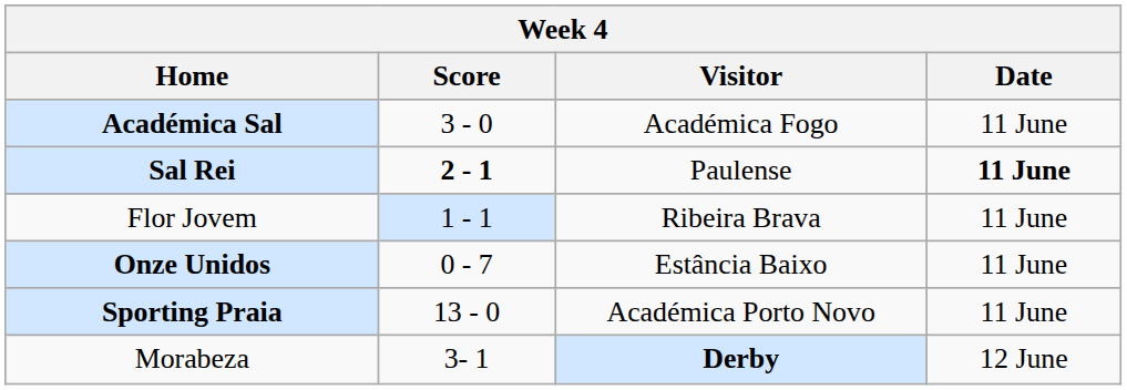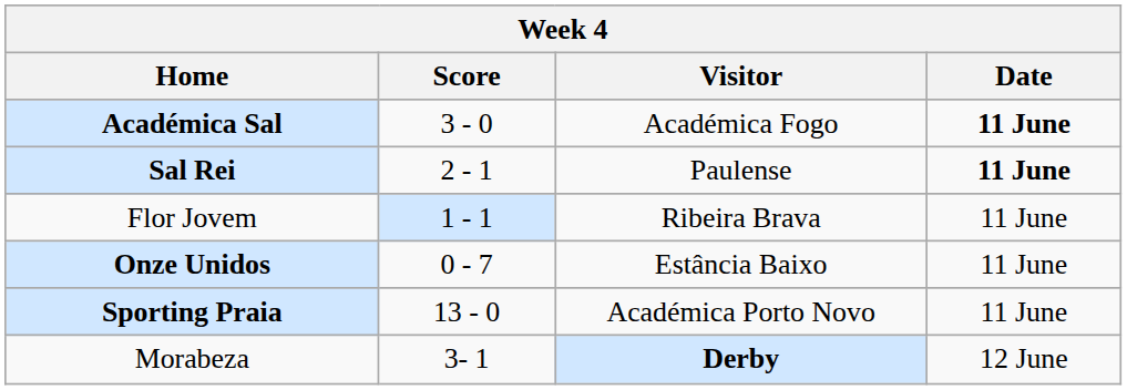 <table class="wikitable" style="font-size:95%; text-align: center; width: 95%;">
 <tr>
 <th colspan="12" style="with: 100%;" align=center>Week 4</th>
 </tr>
 <tr>
 <th width="200">Home</th>
 <th width="90">Score</th>
 <th width="200">Visitor</th>
 <th width="100">Date</th>
 </tr>
 <tr align=center>
 <td bgcolor=#D0E7FF><strong>Académica Sal</strong></td>
 <td>3 - 0</td>
 <td>Académica Fogo</td>
-<td>11 June</td>
+<td><strong>11 June</strong></td>
 </tr>
 <tr align=center>
 <td bgcolor=#D0E7FF><strong>Sal Rei</strong></td>
-<td><strong>2 - 1</strong></td>
+<td>2 - 1</td>
 <td>Paulense</td>
 <td><strong>11 June</strong></td>
 </tr>
 <tr align=center>
 <td>Flor Jovem</td>
 <td bgcolor=#D0E7FF>1 - 1</td>
 <td>Ribeira Brava</td>
 <td>11 June</td>
 </tr>
 <tr align=center>
 <td bgcolor=#D0E7FF><strong>Onze Unidos</strong></td>
 <td>0 - 7</td>
 <td>Estância Baixo</td>
 <td>11 June</td>
 </tr>
 <tr align=center>
 <td bgcolor=#D0E7FF><strong>Sporting Praia</strong></td>
 <td>13 - 0</td>
 <td>Académica Porto Novo</td>
 <td>11 June</td>
 </tr>
 <tr align=center>
 <td>Morabeza</td>
 <td>3- 1</td>
 <td bgcolor=#D0E7FF><strong>Derby</strong></td>
 <td>12 June</td>
 </tr>
 </table>
